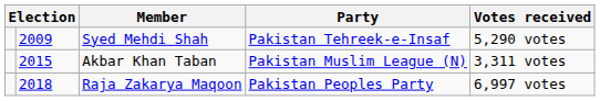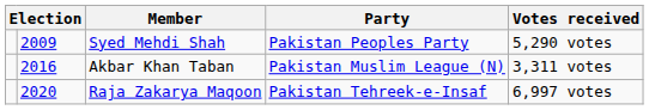 <table class="wikitable">
 <tr>
 <th colspan="2">Election</th>
 <th>Member</th>
 <th>Party</th>
 <th>Votes received</th>
 </tr>
 <tr>
 <td style="background-color: "></td>
 <td><a href='#'>2009</a></td>
 <td><a href='#'>Syed Mehdi Shah</a></td>
-<td><a href='#'>Pakistan Tehreek-e-Insaf</a></td>
+<td><a href='#'>Pakistan Peoples Party</a></td>
 <td>5,290 votes</td>
 </tr>
 <tr>
 <td style="background-color: "></td>
-<td><a href='#'>2015</a></td>
+<td><a href='#'>2016</a></td>
 <td>Akbar Khan Taban</td>
 <td><a href='#'>Pakistan Muslim League (N)</a></td>
 <td>3,311 votes</td>
 </tr>
 <tr>
 <td style="background-color: "></td>
-<td><a href='#'>2018</a></td>
+<td><a href='#'>2020</a></td>
 <td><a href='#'>Raja Zakarya Maqoon</a></td>
-<td><a href='#'>Pakistan Peoples Party</a></td>
+<td><a href='#'>Pakistan Tehreek-e-Insaf</a></td>
 <td>6,997 votes</td>
 </tr>
 </table>
